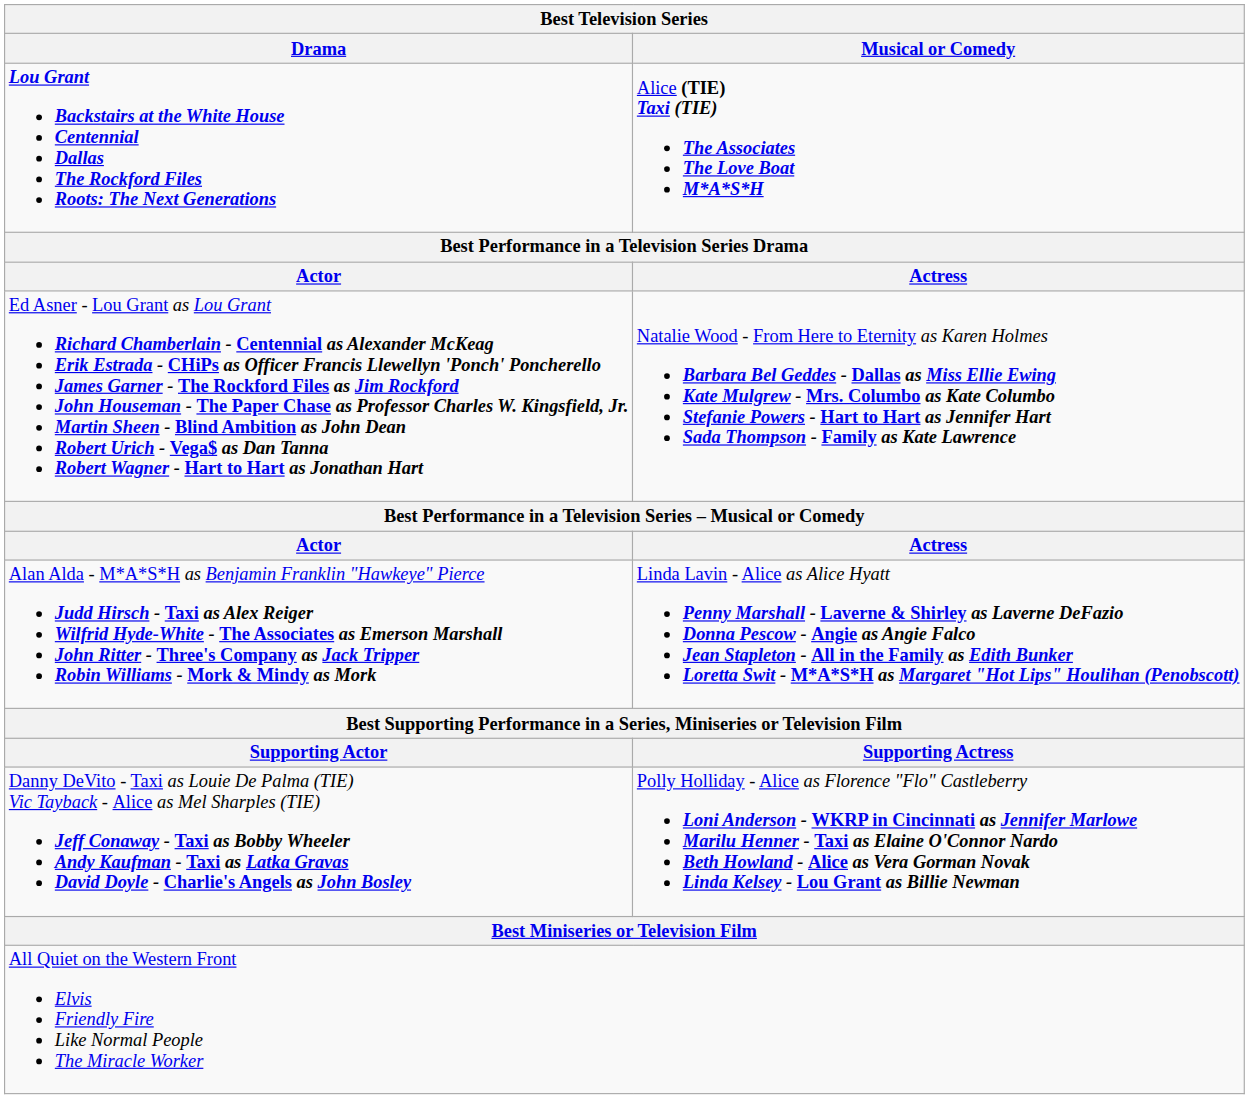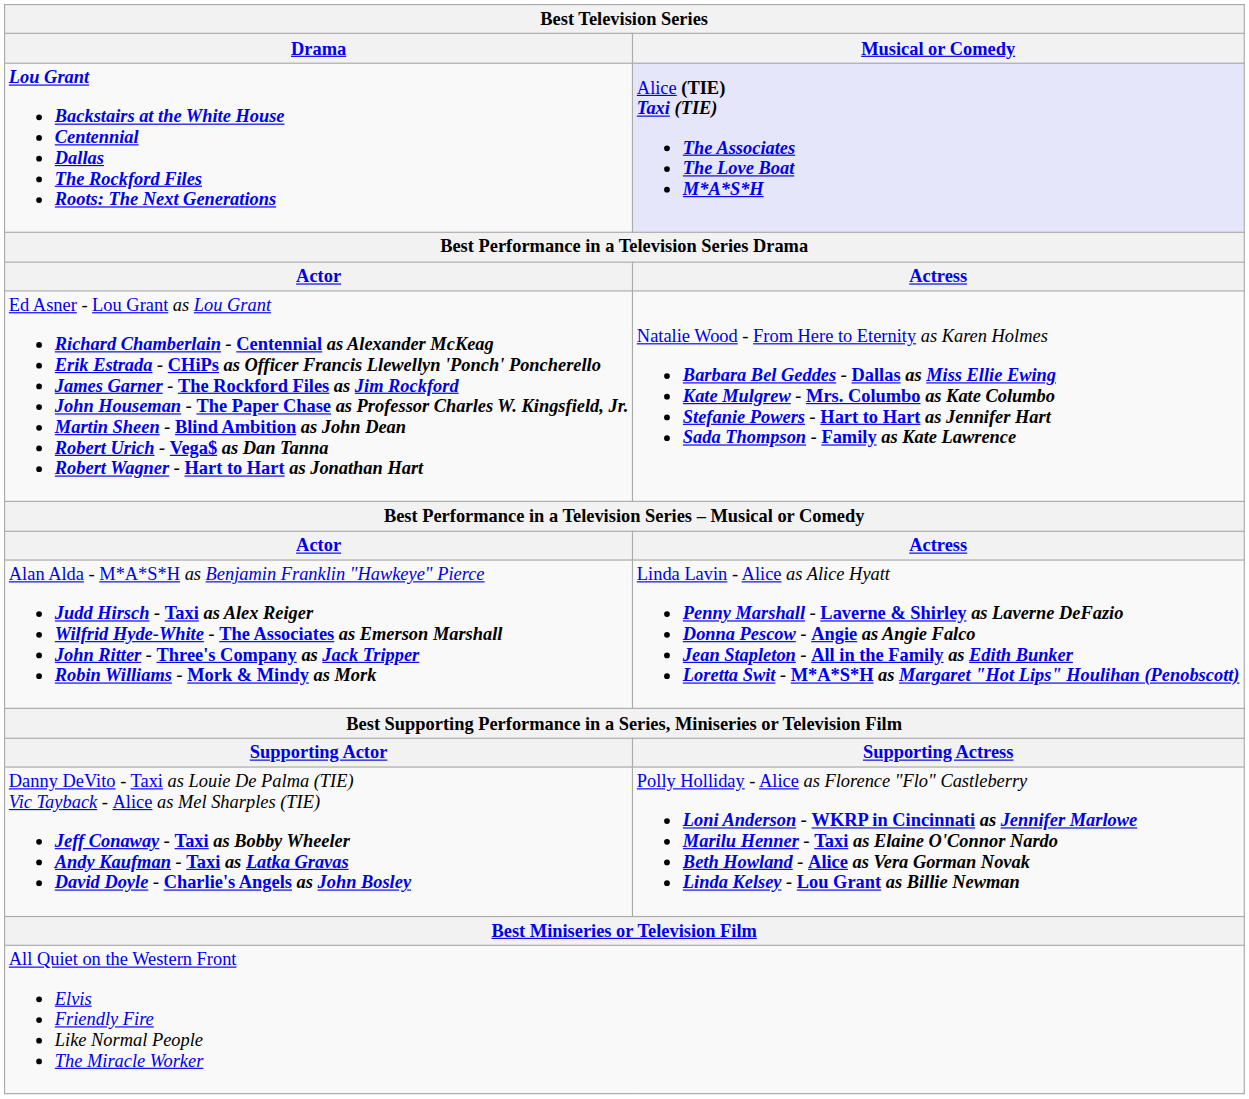 <table class="wikitable">
 <tr>
 <th colspan="2">Best Television Series</th>
 </tr>
 <tr>
 <th><a href='#'>Drama</a></th>
 <th><a href='#'>Musical or Comedy</a></th>
 </tr>
 <tr>
 <td><strong> <em><a href='#'>Lou Grant</a><strong><em><br><ul><li></em><a href='#'>Backstairs at the White House</a><em></li><li></em><a href='#'>Centennial</a><em></li><li></em><a href='#'>Dallas</a><em></li><li></em><a href='#'>The Rockford Files</a><em></li><li></em><a href='#'>Roots: The Next Generations</a><em></li></ul></td>
-<td></strong> </em><a href='#'>Alice</a></em></strong> <strong>(TIE)</strong><br><strong> <em><a href='#'>Taxi</a><strong><em> </strong>(TIE)<strong><ul><li></em><a href='#'>The Associates</a><em></li><li></em><a href='#'>The Love Boat</a><em></li><li></em><a href='#'>M*A*S*H</a><em></li></ul></td>
+<td style="background: lavender;"></strong> </em><a href='#'>Alice</a></em></strong> <strong>(TIE)</strong><br><strong> <em><a href='#'>Taxi</a><strong><em> </strong>(TIE)<strong><ul><li></em><a href='#'>The Associates</a><em></li><li></em><a href='#'>The Love Boat</a><em></li><li></em><a href='#'>M*A*S*H</a><em></li></ul></td>
 </tr>
 <tr>
 <th colspan="2">Best Performance in a Television Series  Drama</th>
 </tr>
 <tr>
 <th><a href='#'>Actor</a></th>
 <th><a href='#'>Actress</a></th>
 </tr>
 <tr>
 <td></strong> <a href='#'>Ed Asner</a> - </em><a href='#'>Lou Grant</a><em> as <a href='#'>Lou Grant</a><strong><br><ul><li><a href='#'>Richard Chamberlain</a> - </em><a href='#'>Centennial</a><em> as Alexander McKeag</li><li><a href='#'>Erik Estrada</a> - </em><a href='#'>CHiPs</a><em> as Officer Francis Llewellyn 'Ponch' Poncherello</li><li><a href='#'>James Garner</a> - </em><a href='#'>The Rockford Files</a><em> as <a href='#'>Jim Rockford</a></li><li><a href='#'>John Houseman</a> - </em><a href='#'>The Paper Chase</a><em> as Professor Charles W. Kingsfield, Jr.</li><li><a href='#'>Martin Sheen</a> - </em><a href='#'>Blind Ambition</a><em> as John Dean</li><li><a href='#'>Robert Urich</a> - </em><a href='#'>Vega$</a><em> as Dan Tanna</li><li><a href='#'>Robert Wagner</a> - </em><a href='#'>Hart to Hart</a><em> as Jonathan Hart</li></ul></td>
 <td></strong> <a href='#'>Natalie Wood</a> - </em><a href='#'>From Here to Eternity</a><em> as Karen Holmes<strong><br><ul><li><a href='#'>Barbara Bel Geddes</a> - </em><a href='#'>Dallas</a><em> as <a href='#'>Miss Ellie Ewing</a></li><li><a href='#'>Kate Mulgrew</a> - </em><a href='#'>Mrs. Columbo</a><em> as Kate Columbo</li><li><a href='#'>Stefanie Powers</a> - </em><a href='#'>Hart to Hart</a><em> as Jennifer Hart</li><li><a href='#'>Sada Thompson</a> - </em><a href='#'>Family</a><em> as Kate Lawrence</li></ul></td>
 </tr>
 <tr>
 <th colspan="2">Best Performance in a Television Series – Musical or Comedy</th>
 </tr>
 <tr>
 <th><a href='#'>Actor</a></th>
 <th><a href='#'>Actress</a></th>
 </tr>
 <tr>
 <td></strong> <a href='#'>Alan Alda</a> - </em><a href='#'>M*A*S*H</a><em> as <a href='#'>Benjamin Franklin "Hawkeye" Pierce</a><strong><br><ul><li><a href='#'>Judd Hirsch</a> - </em><a href='#'>Taxi</a><em> as Alex Reiger</li><li><a href='#'>Wilfrid Hyde-White</a> - </em><a href='#'>The Associates</a><em> as Emerson Marshall</li><li><a href='#'>John Ritter</a> - </em><a href='#'>Three's Company</a><em> as <a href='#'>Jack Tripper</a></li><li><a href='#'>Robin Williams</a> - </em><a href='#'>Mork & Mindy</a><em> as Mork</li></ul></td>
 <td></strong> <a href='#'>Linda Lavin</a> - </em><a href='#'>Alice</a><em> as Alice Hyatt<strong><br><ul><li><a href='#'>Penny Marshall</a> - </em><a href='#'>Laverne & Shirley</a><em> as Laverne DeFazio</li><li><a href='#'>Donna Pescow</a> - </em><a href='#'>Angie</a><em> as Angie Falco</li><li><a href='#'>Jean Stapleton</a> - </em><a href='#'>All in the Family</a><em> as <a href='#'>Edith Bunker</a></li><li><a href='#'>Loretta Swit</a> - </em><a href='#'>M*A*S*H</a><em> as <a href='#'>Margaret "Hot Lips" Houlihan (Penobscott)</a></li></ul></td>
 </tr>
 <tr>
 <th colspan="2">Best Supporting Performance in a Series, Miniseries or Television Film</th>
 </tr>
 <tr>
 <th><a href='#'>Supporting Actor</a></th>
 <th><a href='#'>Supporting Actress</a></th>
 </tr>
 <tr>
 <td></strong> <a href='#'>Danny DeVito</a> - </em><a href='#'>Taxi</a><em> as Louie De Palma (TIE)<strong><br></strong> <a href='#'>Vic Tayback</a> - </em><a href='#'>Alice</a><em> as Mel Sharples (TIE)<strong><ul><li><a href='#'>Jeff Conaway</a> - </em><a href='#'>Taxi</a><em> as Bobby Wheeler</li><li><a href='#'>Andy Kaufman</a> - </em><a href='#'>Taxi</a><em> as <a href='#'>Latka Gravas</a></li><li><a href='#'>David Doyle</a> - </em><a href='#'>Charlie's Angels</a><em> as <a href='#'>John Bosley</a></li></ul></td>
 <td></strong><a href='#'>Polly Holliday</a> - </em><a href='#'>Alice</a><em> as Florence "Flo" Castleberry<strong><br><ul><li><a href='#'>Loni Anderson</a> - </em><a href='#'>WKRP in Cincinnati</a><em> as <a href='#'>Jennifer Marlowe</a></li><li><a href='#'>Marilu Henner</a> - </em><a href='#'>Taxi</a><em> as Elaine O'Connor Nardo</li><li><a href='#'>Beth Howland</a> - </em><a href='#'>Alice</a><em> as Vera Gorman Novak</li><li><a href='#'>Linda Kelsey</a> - </em><a href='#'>Lou Grant</a><em> as Billie Newman</li></ul></td>
 </tr>
 <tr>
 <th colspan="2"><a href='#'>Best Miniseries or Television Film</a></th>
 </tr>
 <tr>
 <td colspan="2"></strong> </em><a href='#'>All Quiet on the Western Front</a></em></strong><br><ul><li><em><a href='#'>Elvis</a></em></li><li><em><a href='#'>Friendly Fire</a></em></li><li><em>Like Normal People</em></li><li><em><a href='#'>The Miracle Worker</a></em></li></ul></td>
 </tr>
 </table>
